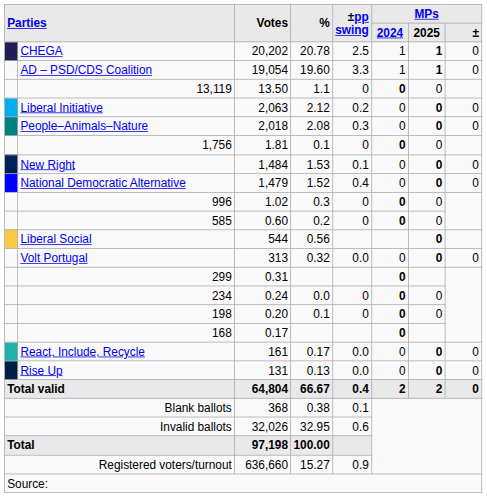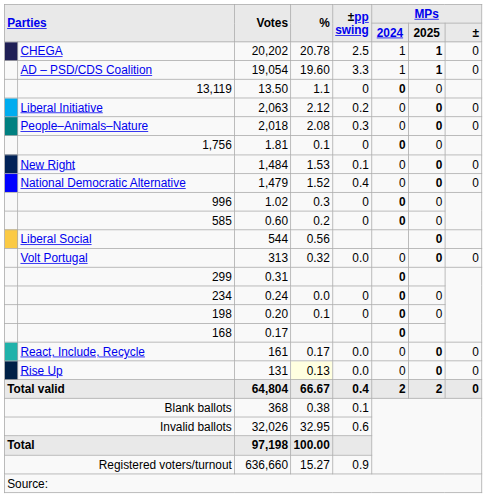 <table class="wikitable" style="text-align:right; font-size:95%;">
 <tr>
 <th rowspan="2" colspan="2" style="background:#e9e9e9; text-align:left;" alignleft><a href='#'>Parties</a></th>
 <th rowspan="2" style="background:#e9e9e9; text-align:right;">Votes</th>
 <th rowspan="2" style="background:#e9e9e9; text-align:right;">%</th>
 <th rowspan="2" style="background:#e9e9e9; text-align:right;">±<a href='#'>pp</a> <a href='#'>swing</a></th>
 <th colspan="3" style="background:#e9e9e9; text-align:center;"><a href='#'>MPs</a></th>
 </tr>
 <tr style="background-color:#E9E9E9">
 <th style="background-color:#E9E9E9;text-align:center;"><a href='#'>2024</a></th>
 <th style="background-color:#E9E9E9;text-align:center;">2025</th>
 <th style="background:#e9e9e9; text-align:right;">±</th>
 </tr>
 <tr>
 <td style="width: 10px" bgcolor="#202056" align="center"></td>
 <td align="left"><a href='#'>CHEGA</a></td>
 <td>20,202</td>
 <td>20.78</td>
 <td>2.5</td>
 <td>1</td>
 <td><strong>1</strong></td>
 <td>0</td>
 </tr>
 <tr>
 <td style="width: 10px" bgcolor=></td>
 <td align="left"><a href='#'>AD – PSD/CDS Coalition</a> </td>
 <td>19,054</td>
 <td>19.60</td>
 <td>3.3</td>
 <td>1</td>
 <td><strong>1</strong></td>
 <td>0</td>
 </tr>
 <tr>
 <td></td>
 <td>13,119</td>
 <td>13.50</td>
 <td>1.1</td>
 <td>0</td>
 <td><strong>0</strong></td>
 <td>0</td>
 </tr>
 <tr>
 <td style="width: 10px" bgcolor="#00ADEF" align="center"></td>
 <td align="left"><a href='#'>Liberal Initiative</a></td>
 <td>2,063</td>
 <td>2.12</td>
 <td>0.2</td>
 <td>0</td>
 <td><strong>0</strong></td>
 <td>0</td>
 </tr>
 <tr>
 <td style="width: 10px" bgcolor="teal" align="center"></td>
 <td align="left"><a href='#'>People–Animals–Nature</a></td>
 <td>2,018</td>
 <td>2.08</td>
 <td>0.3</td>
 <td>0</td>
 <td><strong>0</strong></td>
 <td>0</td>
 </tr>
 <tr>
 <td></td>
 <td>1,756</td>
 <td>1.81</td>
 <td>0.1</td>
 <td>0</td>
 <td><strong>0</strong></td>
 <td>0</td>
 </tr>
 <tr>
 <td style="width: 10px" bgcolor="#012257" align="center"></td>
 <td align="left"><a href='#'>New Right</a></td>
 <td>1,484</td>
 <td>1.53</td>
 <td>0.1</td>
 <td>0</td>
 <td><strong>0</strong></td>
 <td>0</td>
 </tr>
 <tr>
 <td style="width: 10px" bgcolor="blue" align="center"></td>
 <td align="left"><a href='#'>National Democratic Alternative</a></td>
 <td>1,479</td>
 <td>1.52</td>
 <td>0.4</td>
 <td>0</td>
 <td><strong>0</strong></td>
 <td>0</td>
 </tr>
 <tr>
 <td></td>
 <td>996</td>
 <td>1.02</td>
 <td>0.3</td>
 <td>0</td>
 <td><strong>0</strong></td>
 <td>0</td>
 </tr>
 <tr>
 <td></td>
 <td>585</td>
 <td>0.60</td>
 <td>0.2</td>
 <td>0</td>
 <td><strong>0</strong></td>
 <td>0</td>
 </tr>
 <tr>
 <td style="width: 10px" bgcolor="#fbca44" align="center"></td>
 <td align="left"><a href='#'>Liberal Social</a></td>
 <td>544</td>
 <td>0.56</td>
 <td></td>
 <td></td>
 <td><strong>0</strong></td>
 <td></td>
 </tr>
 <tr>
 <td style="width: 10px"></td>
 <td align="left"><a href='#'>Volt Portugal</a></td>
 <td>313</td>
 <td>0.32</td>
 <td>0.0</td>
 <td>0</td>
 <td><strong>0</strong></td>
 <td>0</td>
 </tr>
 <tr>
 <td></td>
 <td>299</td>
 <td>0.31</td>
 <td></td>
 <td></td>
 <td><strong>0</strong></td>
 <td></td>
 </tr>
 <tr>
 <td></td>
 <td>234</td>
 <td>0.24</td>
 <td>0.0</td>
 <td>0</td>
 <td><strong>0</strong></td>
 <td>0</td>
 </tr>
 <tr>
 <td></td>
 <td>198</td>
 <td>0.20</td>
 <td>0.1</td>
 <td>0</td>
 <td><strong>0</strong></td>
 <td>0</td>
 </tr>
 <tr>
 <td></td>
 <td>168</td>
 <td>0.17</td>
 <td></td>
 <td></td>
 <td><strong>0</strong></td>
 <td></td>
 </tr>
 <tr>
 <td style="width: 10px" bgcolor="LightSeaGreen" align="center"></td>
 <td align="left"><a href='#'>React, Include, Recycle</a></td>
 <td>161</td>
 <td>0.17</td>
 <td>0.0</td>
 <td>0</td>
 <td><strong>0</strong></td>
 <td>0</td>
 </tr>
 <tr>
 <td style="width: 10px" bgcolor="#002147" align="center"></td>
 <td align="left"><a href='#'>Rise Up</a></td>
 <td>131</td>
-<td>0.13</td>
+<td style="background: lightyellow;">0.13</td>
 <td>0.0</td>
 <td>0</td>
 <td><strong>0</strong></td>
 <td>0</td>
 </tr>
 <tr>
 <td colspan=2 width="288" align=left style="background-color:#E9E9E9"><strong>Total valid</strong></td>
 <td width="65" align="right" style="background-color:#E9E9E9"><strong>64,804</strong></td>
 <td width="40" align="right" style="background-color:#E9E9E9"><strong>66.67</strong></td>
 <td width="40" align="right" style="background-color:#E9E9E9"><strong>0.4</strong></td>
 <td width="40" align="right" style="background-color:#E9E9E9"><strong>2</strong></td>
 <td width="40" align="right" style="background-color:#E9E9E9"><strong>2</strong></td>
 <td width="40" align="right" style="background-color:#E9E9E9"><strong>0</strong></td>
 </tr>
 <tr>
 <td colspan=2>Blank ballots</td>
 <td>368</td>
 <td>0.38</td>
 <td>0.1</td>
 <td colspan=3 rowspan=4></td>
 </tr>
 <tr>
 <td colspan=2>Invalid ballots</td>
 <td>32,026</td>
 <td>32.95</td>
 <td>0.6</td>
 </tr>
 <tr>
 <td colspan=2 align=left style="background-color:#E9E9E9"><strong>Total</strong></td>
 <td width="50" align="right" style="background-color:#E9E9E9"><strong>97,198</strong></td>
 <td width="40" align="right" style="background-color:#E9E9E9"><strong>100.00</strong></td>
 <td width="40" align="right" style="background-color:#E9E9E9"></td>
 </tr>
 <tr>
 <td colspan=2>Registered voters/turnout</td>
 <td>636,660</td>
 <td>15.27</td>
 <td>0.9</td>
 </tr>
 <tr>
 <td colspan=8 align=left>Source: </td>
 </tr>
 </table>
